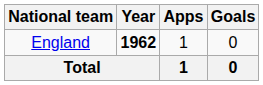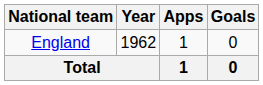 <table class=wikitable style=text-align:center>
 <tr>
 <th>National team</th>
 <th>Year</th>
 <th>Apps</th>
 <th>Goals</th>
 </tr>
 <tr>
 <td rowspan=1><a href='#'>England</a></td>
-<td><strong>1962</strong></td>
+<td>1962</td>
 <td>1</td>
 <td>0</td>
 </tr>
 <tr>
 <th colspan=2>Total</th>
 <th>1</th>
 <th>0</th>
 </tr>
 </table>
